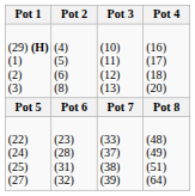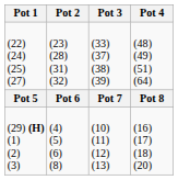 <table class="wikitable">
 <tr>
 <th width=25%>Pot 1</th>
 <th width=25%>Pot 2</th>
 <th width=25%>Pot 3</th>
 <th width=25%>Pot 4</th>
 </tr>
 <tr>
-<td><br> (29) <strong>(H)</strong><br>  (1)<br>  (2)<br>  (3)<br></td>
-<td><br> (4)<br>  (5)<br>  (6)<br>  (8)<br></td>
-<td><br> (10)<br>  (11)<br>  (12)<br>  (13)<br></td>
-<td><br> (16)<br>  (17)<br>  (18)<br>  (20)<br></td>
+<td><br> (22)<br>  (24)<br>  (25)<br>  (27)<br></td>
+<td><br> (23)<br>  (28)<br>  (31)<br>  (32)<br></td>
+<td><br> (33)<br>  (37)<br>  (38)<br>  (39)<br></td>
+<td><br> (48)<br>  (49)<br>  (51)<br>  (64)<br></td>
 </tr>
 <tr>
 <th width=25%>Pot 5</th>
 <th width=25%>Pot 6</th>
 <th width=25%>Pot 7</th>
 <th width=25%>Pot 8</th>
 </tr>
 <tr>
-<td><br> (22)<br>  (24)<br>  (25)<br>  (27)<br></td>
-<td><br> (23)<br>  (28)<br>  (31)<br>  (32)<br></td>
-<td><br> (33)<br>  (37)<br>  (38)<br>  (39)<br></td>
-<td><br> (48)<br>  (49)<br>  (51)<br>  (64)<br></td>
+<td><br> (29) <strong>(H)</strong><br>  (1)<br>  (2)<br>  (3)<br></td>
+<td><br> (4)<br>  (5)<br>  (6)<br>  (8)<br></td>
+<td><br> (10)<br>  (11)<br>  (12)<br>  (13)<br></td>
+<td><br> (16)<br>  (17)<br>  (18)<br>  (20)<br></td>
 </tr>
 </table>
